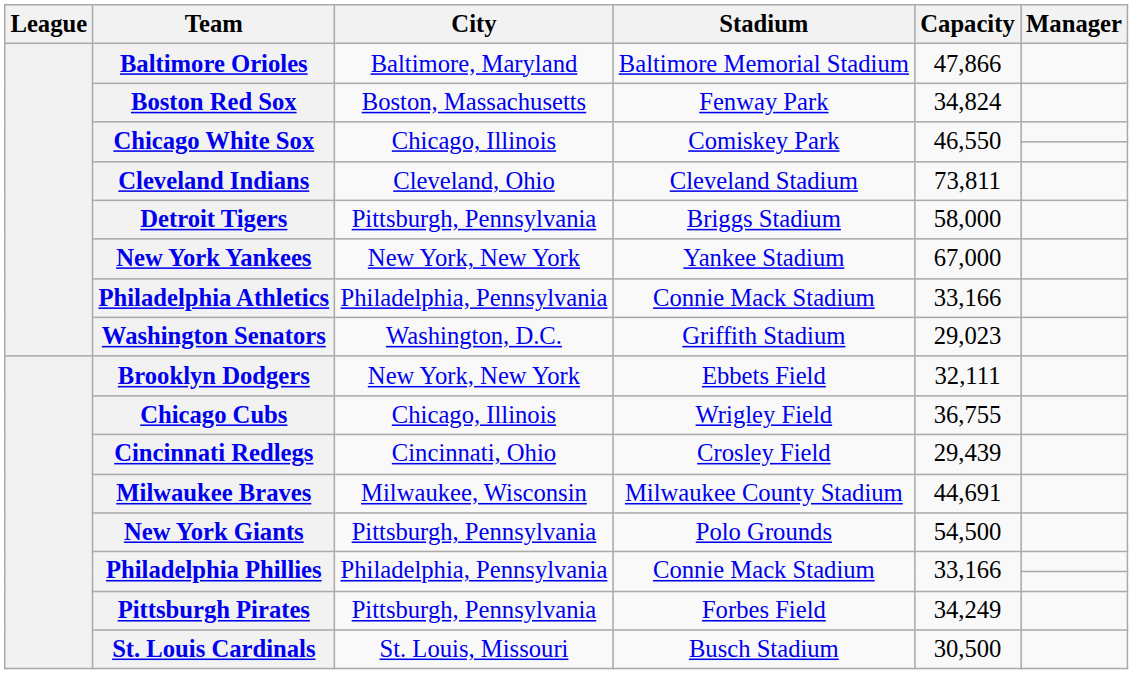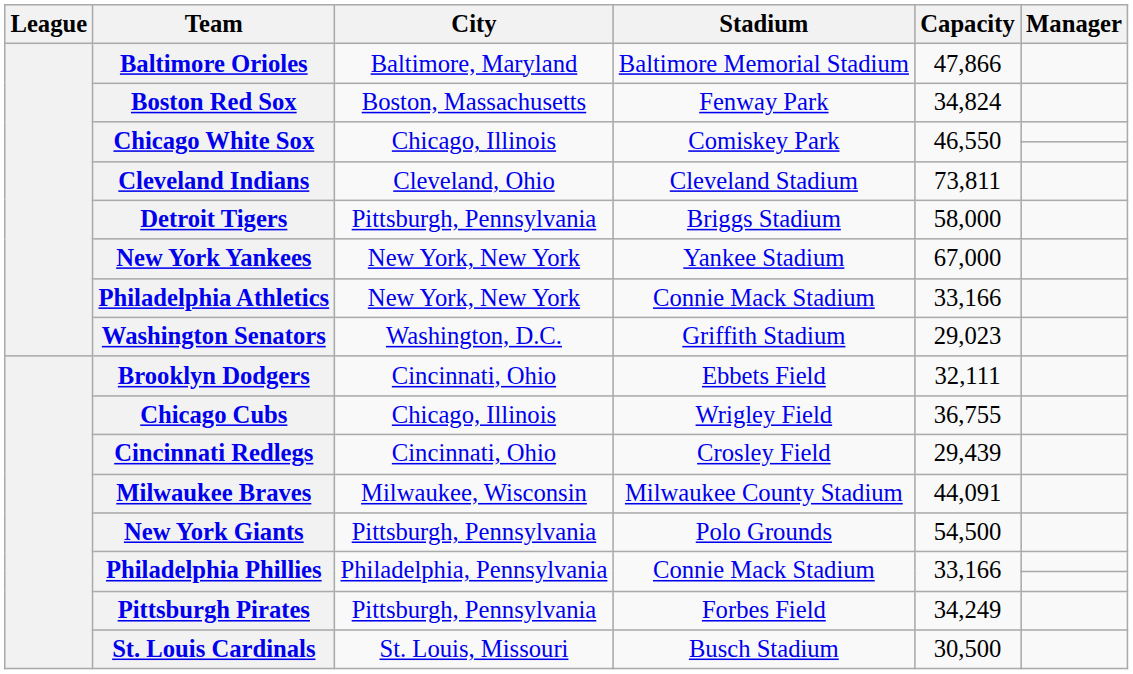 <table class="wikitable sortable plainrowheaders" style="text-align:center;">
 <tr>
 <th scope="col">League</th>
 <th scope="col">Team</th>
 <th scope="col">City</th>
 <th scope="col">Stadium</th>
 <th scope="col">Capacity</th>
 <th scope="col">Manager</th>
 </tr>
 <tr>
 <th rowspan="9"></th>
 <th scope="row"><a href='#'>Baltimore Orioles</a></th>
 <td><a href='#'>Baltimore, Maryland</a></td>
 <td><a href='#'>Baltimore Memorial Stadium</a></td>
 <td>47,866</td>
 <td></td>
 </tr>
 <tr>
 <th scope="row"><a href='#'>Boston Red Sox</a></th>
 <td><a href='#'>Boston, Massachusetts</a></td>
 <td><a href='#'>Fenway Park</a></td>
 <td>34,824</td>
 <td></td>
 </tr>
 <tr>
 <th rowspan="2" scope="row"><a href='#'>Chicago White Sox</a></th>
 <td rowspan="2"><a href='#'>Chicago, Illinois</a></td>
 <td rowspan="2"><a href='#'>Comiskey Park</a></td>
 <td rowspan="2">46,550</td>
 <td></td>
 </tr>
 <tr>
 <td></td>
 </tr>
 <tr>
 <th scope="row"><a href='#'>Cleveland Indians</a></th>
 <td><a href='#'>Cleveland, Ohio</a></td>
 <td><a href='#'>Cleveland Stadium</a></td>
 <td>73,811</td>
 <td></td>
 </tr>
 <tr>
 <th scope="row"><a href='#'>Detroit Tigers</a></th>
 <td><a href='#'>Pittsburgh, Pennsylvania</a></td>
 <td><a href='#'>Briggs Stadium</a></td>
 <td>58,000</td>
 <td></td>
 </tr>
 <tr>
 <th scope="row"><a href='#'>New York Yankees</a></th>
 <td><a href='#'>New York, New York</a></td>
 <td><a href='#'>Yankee Stadium</a></td>
 <td>67,000</td>
 <td></td>
 </tr>
 <tr>
 <th scope="row"><a href='#'>Philadelphia Athletics</a></th>
-<td><a href='#'>Philadelphia, Pennsylvania</a></td>
+<td><a href='#'>New York, New York</a></td>
 <td><a href='#'>Connie Mack Stadium</a></td>
 <td>33,166</td>
 <td></td>
 </tr>
 <tr>
 <th scope="row"><a href='#'>Washington Senators</a></th>
 <td><a href='#'>Washington, D.C.</a></td>
 <td><a href='#'>Griffith Stadium</a></td>
 <td>29,023</td>
 <td></td>
 </tr>
 <tr>
 <th rowspan="9"></th>
 <th scope="row"><a href='#'>Brooklyn Dodgers</a></th>
-<td><a href='#'>New York, New York</a></td>
+<td><a href='#'>Cincinnati, Ohio</a></td>
 <td><a href='#'>Ebbets Field</a></td>
 <td>32,111</td>
 <td></td>
 </tr>
 <tr>
 <th scope="row"><a href='#'>Chicago Cubs</a></th>
 <td><a href='#'>Chicago, Illinois</a></td>
 <td><a href='#'>Wrigley Field</a></td>
 <td>36,755</td>
 <td></td>
 </tr>
 <tr>
 <th scope="row"><a href='#'>Cincinnati Redlegs</a></th>
 <td><a href='#'>Cincinnati, Ohio</a></td>
 <td><a href='#'>Crosley Field</a></td>
 <td>29,439</td>
 <td></td>
 </tr>
 <tr>
 <th scope="row"><a href='#'>Milwaukee Braves</a></th>
 <td><a href='#'>Milwaukee, Wisconsin</a></td>
 <td><a href='#'>Milwaukee County Stadium</a></td>
-<td>44,691</td>
+<td>44,091</td>
 <td></td>
 </tr>
 <tr>
 <th scope="row"><a href='#'>New York Giants</a></th>
 <td><a href='#'>Pittsburgh, Pennsylvania</a></td>
 <td><a href='#'>Polo Grounds</a></td>
 <td>54,500</td>
 <td></td>
 </tr>
 <tr>
 <th rowspan="2" scope="row"><a href='#'>Philadelphia Phillies</a></th>
 <td rowspan="2"><a href='#'>Philadelphia, Pennsylvania</a></td>
 <td rowspan="2"><a href='#'>Connie Mack Stadium</a></td>
 <td rowspan="2">33,166</td>
 <td></td>
 </tr>
 <tr>
 <td></td>
 </tr>
 <tr>
 <th scope="row"><a href='#'>Pittsburgh Pirates</a></th>
 <td><a href='#'>Pittsburgh, Pennsylvania</a></td>
 <td><a href='#'>Forbes Field</a></td>
 <td>34,249</td>
 <td></td>
 </tr>
 <tr>
 <th scope="row"><a href='#'>St. Louis Cardinals</a></th>
 <td><a href='#'>St. Louis, Missouri</a></td>
 <td><a href='#'>Busch Stadium</a></td>
 <td>30,500</td>
 <td></td>
 </tr>
 </table>
